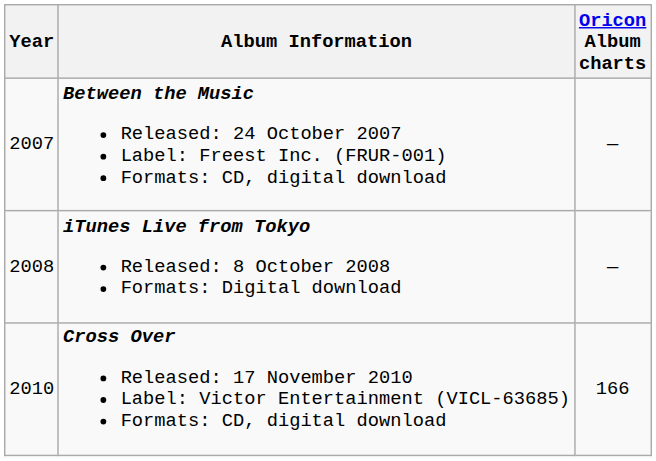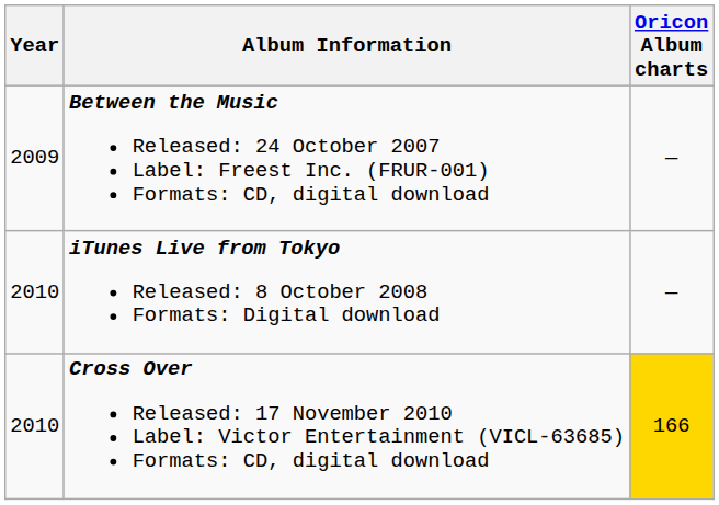 <table class="wikitable">
 <tr>
 <th>Year</th>
 <th>Album Information</th>
 <th><a href='#'>Oricon</a><br>Album<br>charts</th>
 </tr>
 <tr>
-<td align="center">2007</td>
+<td align="center">2009</td>
 <td><strong><em>Between the Music</em></strong><br><ul><li>Released: 24 October 2007</li><li>Label: Freest Inc. (FRUR-001)</li><li>Formats: CD, digital download</li></ul></td>
 <td align="center">—</td>
 </tr>
 <tr>
-<td align="center">2008</td>
+<td align="center">2010</td>
 <td><strong><em>iTunes Live from Tokyo</em></strong><br><ul><li>Released: 8 October 2008</li><li>Formats: Digital download</li></ul></td>
 <td align="center">—</td>
 </tr>
 <tr>
 <td align="center">2010</td>
 <td><strong><em>Cross Over</em></strong><br><ul><li>Released: 17 November 2010</li><li>Label: Victor Entertainment (VICL-63685)</li><li>Formats: CD, digital download</li></ul></td>
-<td align="center">166</td>
+<td align="center" style="background: gold;">166</td>
 </tr>
 </table>
